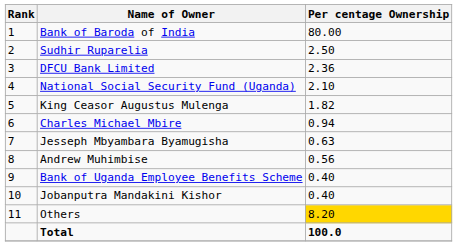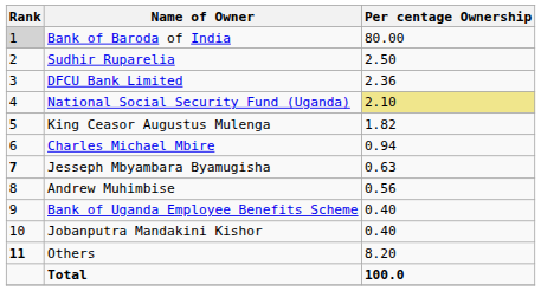 <table class="wikitable sortable" style="margin-left:auto;margin-right:auto">
 <tr>
 <th style="width:2em;">Rank</th>
 <th>Name of Owner</th>
 <th>Per centage Ownership</th>
 </tr>
 <tr>
-<td>1</td>
+<td style="background: lightgrey;">1</td>
 <td><a href='#'>Bank of Baroda</a> of <a href='#'>India</a></td>
 <td>80.00</td>
 </tr>
 <tr>
 <td>2</td>
 <td><a href='#'>Sudhir Ruparelia</a></td>
 <td>2.50</td>
 </tr>
 <tr>
 <td>3</td>
 <td><a href='#'>DFCU Bank Limited</a></td>
 <td>2.36</td>
 </tr>
 <tr>
 <td>4</td>
 <td><a href='#'>National Social Security Fund (Uganda)</a></td>
-<td>2.10</td>
+<td style="background: khaki;">2.10</td>
 </tr>
 <tr>
 <td>5</td>
 <td>King Ceasor Augustus Mulenga</td>
 <td>1.82</td>
 </tr>
 <tr>
 <td>6</td>
 <td><a href='#'>Charles Michael Mbire</a></td>
 <td>0.94</td>
 </tr>
 <tr>
-<td>7</td>
+<td><strong>7</strong></td>
 <td>Jesseph Mbyambara Byamugisha</td>
 <td>0.63</td>
 </tr>
 <tr>
 <td>8</td>
 <td>Andrew Muhimbise</td>
 <td>0.56</td>
 </tr>
 <tr>
 <td>9</td>
 <td><a href='#'>Bank of Uganda Employee Benefits Scheme</a></td>
 <td>0.40</td>
 </tr>
 <tr>
 <td>10</td>
 <td>Jobanputra Mandakini Kishor</td>
 <td>0.40</td>
 </tr>
 <tr>
-<td>11</td>
+<td><strong>11</strong></td>
 <td>Others</td>
-<td style="background: gold;">8.20</td>
+<td>8.20</td>
 </tr>
 <tr>
 <td></td>
 <td><strong>Total</strong></td>
 <td><strong>100.0</strong></td>
 </tr>
 <tr>
 </tr>
 </table>
